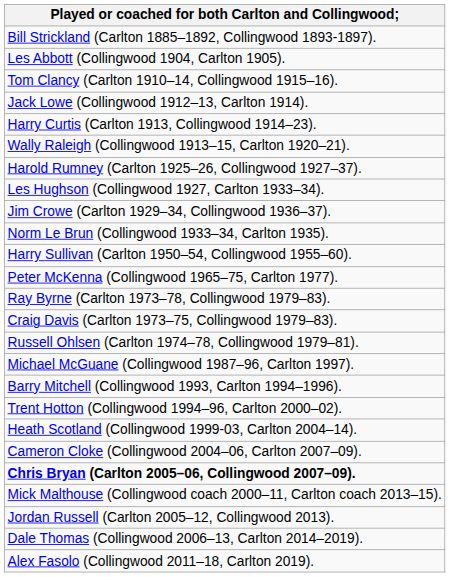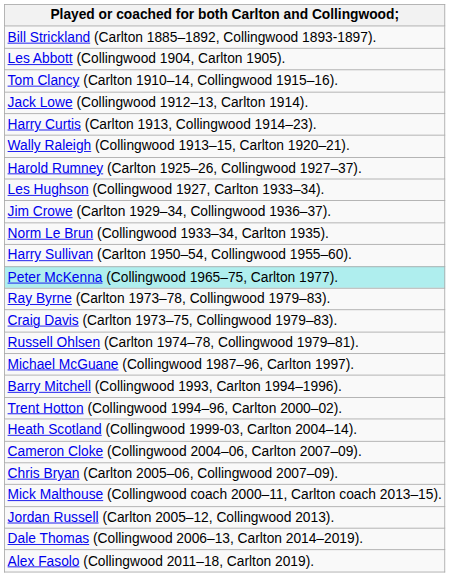 <table class="wikitable">
 <tr>
 <th><strong>Played or coached for both Carlton and Collingwood</strong>;</th>
 </tr>
 <tr>
 <td><a href='#'>Bill Strickland</a> (Carlton 1885–1892, Collingwood 1893-1897).</td>
 </tr>
 <tr>
 <td><a href='#'>Les Abbott</a> (Collingwood 1904, Carlton 1905).</td>
 </tr>
 <tr>
 <td><a href='#'>Tom Clancy</a> (Carlton 1910–14, Collingwood 1915–16).</td>
 </tr>
 <tr>
 <td><a href='#'>Jack Lowe</a> (Collingwood 1912–13, Carlton 1914).</td>
 </tr>
 <tr>
 <td><a href='#'>Harry Curtis</a> (Carlton 1913, Collingwood 1914–23).</td>
 </tr>
 <tr>
 <td><a href='#'>Wally Raleigh</a> (Collingwood 1913–15, Carlton 1920–21).</td>
 </tr>
 <tr>
 <td><a href='#'>Harold Rumney</a> (Carlton 1925–26, Collingwood 1927–37).</td>
 </tr>
 <tr>
 <td><a href='#'>Les Hughson</a> (Collingwood 1927, Carlton 1933–34).</td>
 </tr>
 <tr>
 <td><a href='#'>Jim Crowe</a> (Carlton 1929–34, Collingwood 1936–37).</td>
 </tr>
 <tr>
 <td><a href='#'>Norm Le Brun</a> (Collingwood 1933–34, Carlton 1935).</td>
 </tr>
 <tr>
 <td><a href='#'>Harry Sullivan</a> (Carlton 1950–54, Collingwood 1955–60).</td>
 </tr>
 <tr>
-<td><a href='#'>Peter McKenna</a> (Collingwood 1965–75, Carlton 1977).</td>
+<td style="background: paleturquoise;"><a href='#'>Peter McKenna</a> (Collingwood 1965–75, Carlton 1977).</td>
 </tr>
 <tr>
 <td><a href='#'>Ray Byrne</a> (Carlton 1973–78, Collingwood 1979–83).</td>
 </tr>
 <tr>
 <td><a href='#'>Craig Davis</a> (Carlton 1973–75, Collingwood 1979–83).</td>
 </tr>
 <tr>
 <td><a href='#'>Russell Ohlsen</a> (Carlton 1974–78, Collingwood 1979–81).</td>
 </tr>
 <tr>
 <td><a href='#'>Michael McGuane</a> (Collingwood 1987–96, Carlton 1997).</td>
 </tr>
 <tr>
 <td><a href='#'>Barry Mitchell</a> (Collingwood 1993, Carlton 1994–1996).</td>
 </tr>
 <tr>
 <td><a href='#'>Trent Hotton</a> (Collingwood 1994–96, Carlton 2000–02).</td>
 </tr>
 <tr>
 <td><a href='#'>Heath Scotland</a> (Collingwood 1999-03, Carlton 2004–14).</td>
 </tr>
 <tr>
 <td><a href='#'>Cameron Cloke</a> (Collingwood 2004–06, Carlton 2007–09).</td>
 </tr>
 <tr>
-<td><strong><a href='#'>Chris Bryan</a> (Carlton 2005–06, Collingwood 2007–09).</strong></td>
+<td><a href='#'>Chris Bryan</a> (Carlton 2005–06, Collingwood 2007–09).</td>
 </tr>
 <tr>
 <td><a href='#'>Mick Malthouse</a> (Collingwood coach 2000–11, Carlton coach 2013–15).</td>
 </tr>
 <tr>
 <td><a href='#'>Jordan Russell</a> (Carlton 2005–12, Collingwood 2013).</td>
 </tr>
 <tr>
 <td><a href='#'>Dale Thomas</a> (Collingwood 2006–13, Carlton 2014–2019).</td>
 </tr>
 <tr>
 <td><a href='#'>Alex Fasolo</a> (Collingwood 2011–18, Carlton 2019).</td>
 </tr>
 </table>
